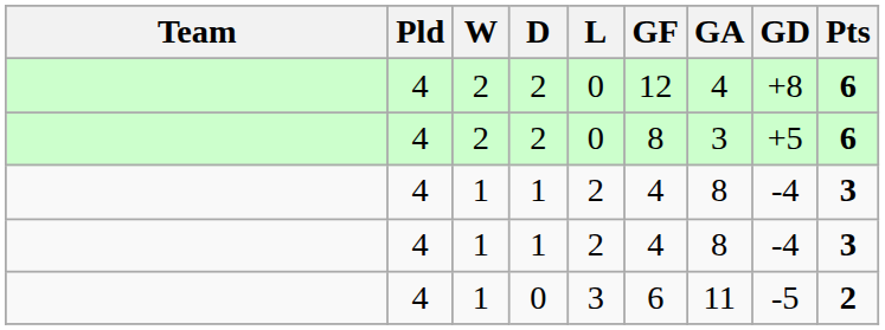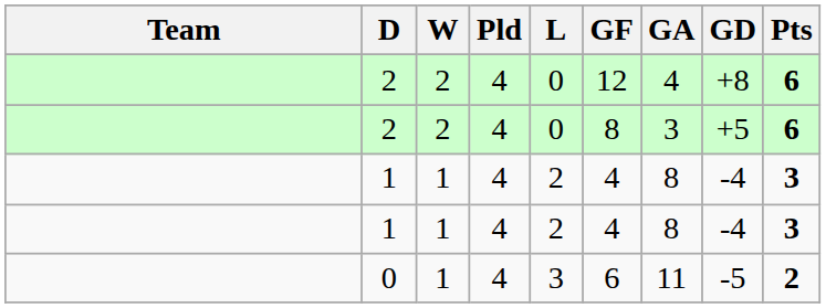 <table class="wikitable" style="text-align:center">
 <tr>
 <th width="175">Team</th>
+<th width="20">D</th>
+<th width="20">W</th>
 <th width="20">Pld</th>
-<th width="20">W</th>
-<th width="20">D</th>
 <th width="20">L</th>
 <th width="20">GF</th>
 <th width="20">GA</th>
 <th width="20">GD</th>
 <th width="20">Pts</th>
 </tr>
 <tr bgcolor="ccffcc">
 <td align="left"></td>
-<td>4</td>
 <td>2</td>
 <td>2</td>
+<td>4</td>
 <td>0</td>
 <td>12</td>
 <td>4</td>
 <td>+8</td>
 <td><strong>6</strong></td>
 </tr>
 <tr bgcolor="ccffcc">
 <td align="left"></td>
-<td>4</td>
 <td>2</td>
 <td>2</td>
+<td>4</td>
 <td>0</td>
 <td>8</td>
 <td>3</td>
 <td>+5</td>
 <td><strong>6</strong></td>
 </tr>
 <tr>
 <td align="left"></td>
-<td>4</td>
 <td>1</td>
 <td>1</td>
+<td>4</td>
 <td>2</td>
 <td>4</td>
 <td>8</td>
 <td>-4</td>
 <td><strong>3</strong></td>
 </tr>
 <tr>
 <td align="left"></td>
-<td>4</td>
 <td>1</td>
 <td>1</td>
+<td>4</td>
 <td>2</td>
 <td>4</td>
 <td>8</td>
 <td>-4</td>
 <td><strong>3</strong></td>
 </tr>
 <tr>
 <td align="left"></td>
+<td>0</td>
+<td>1</td>
 <td>4</td>
-<td>1</td>
-<td>0</td>
 <td>3</td>
 <td>6</td>
 <td>11</td>
 <td>-5</td>
 <td><strong>2</strong></td>
 </tr>
 </table>
